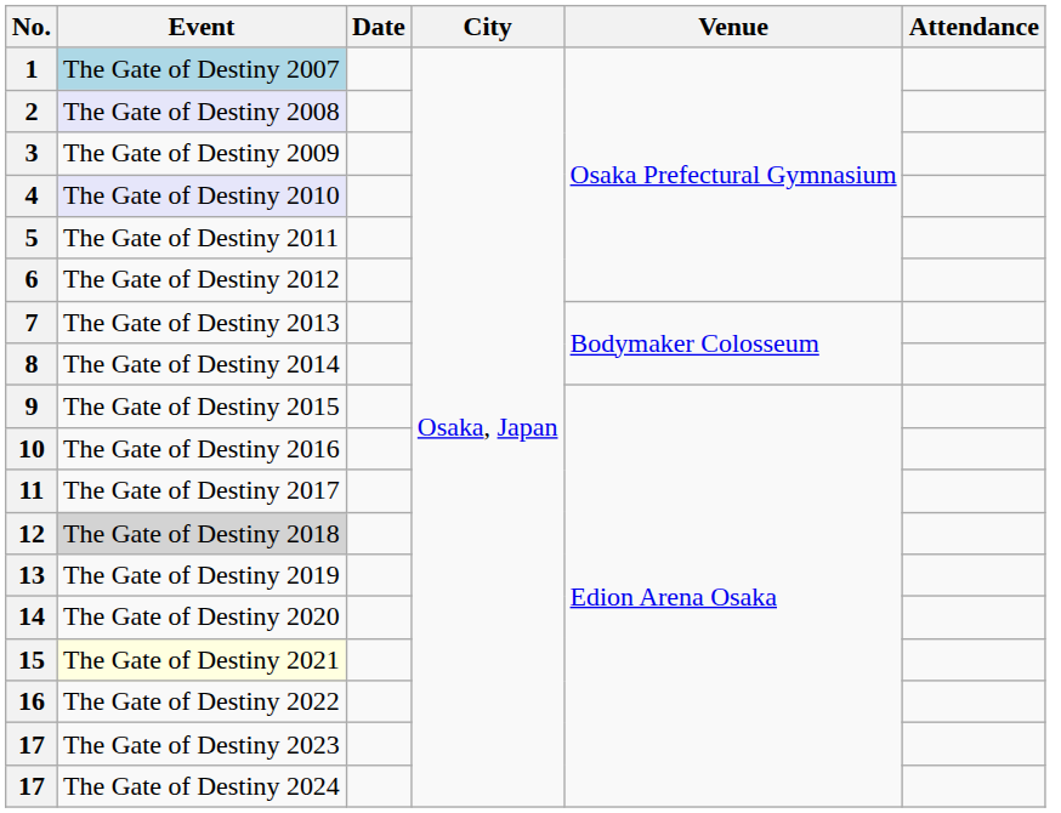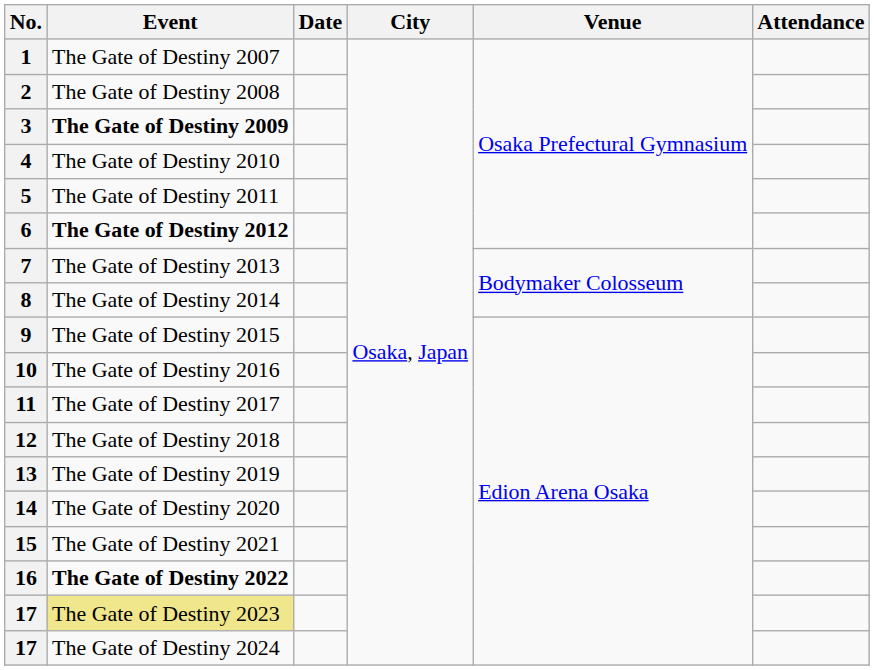 <table class="wikitable sortable" align="center">
 <tr>
 <th>No.</th>
 <th>Event</th>
 <th>Date</th>
 <th>City</th>
 <th>Venue</th>
 <th>Attendance</th>
 </tr>
 <tr>
 <th>1</th>
-<td style="background: lightblue;">The Gate of Destiny 2007</td>
+<td>The Gate of Destiny 2007</td>
 <td></td>
 <td rowspan=18><a href='#'>Osaka</a>, <a href='#'>Japan</a></td>
 <td rowspan=6><a href='#'>Osaka Prefectural Gymnasium</a></td>
 <td></td>
 </tr>
 <tr>
 <th>2</th>
-<td style="background: lavender;">The Gate of Destiny 2008</td>
+<td>The Gate of Destiny 2008</td>
 <td></td>
 <td></td>
 </tr>
 <tr>
 <th>3</th>
-<td>The Gate of Destiny 2009</td>
+<td><strong>The Gate of Destiny 2009</strong></td>
 <td></td>
 <td></td>
 </tr>
 <tr>
 <th>4</th>
-<td style="background: lavender;">The Gate of Destiny 2010</td>
+<td>The Gate of Destiny 2010</td>
 <td></td>
 <td></td>
 </tr>
 <tr>
 <th>5</th>
 <td>The Gate of Destiny 2011</td>
 <td></td>
 <td></td>
 </tr>
 <tr>
 <th>6</th>
-<td>The Gate of Destiny 2012</td>
+<td><strong>The Gate of Destiny 2012</strong></td>
 <td></td>
 <td></td>
 </tr>
 <tr>
 <th>7</th>
 <td>The Gate of Destiny 2013</td>
 <td></td>
 <td rowspan=2><a href='#'>Bodymaker Colosseum</a></td>
 <td></td>
 </tr>
 <tr>
 <th>8</th>
 <td>The Gate of Destiny 2014</td>
 <td></td>
 <td></td>
 </tr>
 <tr>
 <th>9</th>
 <td>The Gate of Destiny 2015</td>
 <td></td>
 <td rowspan=10><a href='#'>Edion Arena Osaka</a></td>
 <td></td>
 </tr>
 <tr>
 <th>10</th>
 <td>The Gate of Destiny 2016</td>
 <td></td>
 <td></td>
 </tr>
 <tr>
 <th>11</th>
 <td>The Gate of Destiny 2017</td>
 <td></td>
 <td></td>
 </tr>
 <tr>
 <th>12</th>
-<td style="background: lightgrey;">The Gate of Destiny 2018</td>
+<td>The Gate of Destiny 2018</td>
 <td></td>
 <td></td>
 </tr>
 <tr>
 <th>13</th>
 <td>The Gate of Destiny 2019</td>
 <td></td>
 <td></td>
 </tr>
 <tr>
 <th>14</th>
 <td>The Gate of Destiny 2020</td>
 <td></td>
 <td></td>
 </tr>
 <tr>
 <th>15</th>
-<td style="background: lightyellow;">The Gate of Destiny 2021</td>
+<td>The Gate of Destiny 2021</td>
 <td></td>
 <td></td>
 </tr>
 <tr>
 <th>16</th>
-<td>The Gate of Destiny 2022</td>
+<td><strong>The Gate of Destiny 2022</strong></td>
 <td></td>
 <td></td>
 </tr>
 <tr>
 <th>17</th>
-<td>The Gate of Destiny 2023</td>
+<td style="background: khaki;">The Gate of Destiny 2023</td>
 <td></td>
 <td></td>
 </tr>
 <tr>
 <th>17</th>
 <td>The Gate of Destiny 2024</td>
 <td></td>
 <td></td>
 </tr>
 </table>
